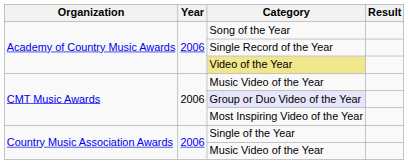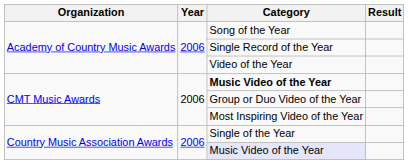 <table class="wikitable sortable plainrowheaders" style="border:none; margin:0;">
 <tr>
 <th scope="col">Organization</th>
 <th scope="col">Year</th>
 <th scope="col">Category</th>
 <th scope="col">Result</th>
 </tr>
 <tr>
 <td rowspan="3"><a href='#'>Academy of Country Music Awards</a></td>
 <td rowspan="3"><a href='#'>2006</a></td>
 <td>Song of the Year</td>
 <td></td>
 </tr>
 <tr>
 <td>Single Record of the Year</td>
 <td></td>
 </tr>
 <tr>
-<td style="background: khaki;">Video of the Year</td>
+<td>Video of the Year</td>
 <td></td>
 </tr>
 <tr>
 <td rowspan="3"><a href='#'>CMT Music Awards</a></td>
 <td rowspan="3">2006</td>
-<td>Music Video of the Year</td>
+<td><strong>Music Video of the Year</strong></td>
 <td></td>
 </tr>
 <tr>
-<td style="background: lavender;">Group or Duo Video of the Year</td>
+<td>Group or Duo Video of the Year</td>
 <td></td>
 </tr>
 <tr>
 <td>Most Inspiring Video of the Year</td>
 <td></td>
 </tr>
 <tr>
 <td rowspan="2"><a href='#'>Country Music Association Awards</a></td>
 <td rowspan="2"><a href='#'>2006</a></td>
 <td>Single of the Year</td>
 <td></td>
 </tr>
 <tr>
-<td>Music Video of the Year</td>
+<td style="background: lavender;">Music Video of the Year</td>
 <td></td>
 </tr>
 </table>
